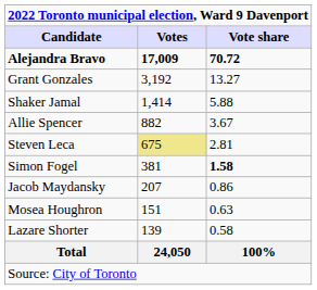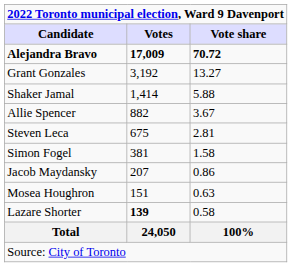 <table class="wikitable">
 <tr>
 <td colspan="3" align="center"><strong><a href='#'>2022 Toronto municipal election</a>, Ward 9 Davenport</strong></td>
 </tr>
 <tr>
 <th scope="col" style="background:#ddf; width:150px;">Candidate</th>
 <th scope="col" style="background:#ddf;">Votes</th>
 <th scope="col" style="background:#ddf;">Vote share</th>
 </tr>
 <tr>
 <td><strong>Alejandra Bravo</strong></td>
 <td><strong>17,009</strong></td>
 <td><strong>70.72</strong></td>
 </tr>
 <tr>
 <td>Grant Gonzales</td>
 <td>3,192</td>
 <td>13.27</td>
 </tr>
 <tr>
 <td>Shaker Jamal</td>
 <td>1,414</td>
 <td>5.88</td>
 </tr>
 <tr>
 <td>Allie Spencer</td>
 <td>882</td>
 <td>3.67</td>
 </tr>
 <tr>
 <td>Steven Leca</td>
-<td style="background: khaki;">675</td>
+<td>675</td>
 <td>2.81</td>
 </tr>
 <tr>
 <td>Simon Fogel</td>
 <td>381</td>
-<td><strong>1.58</strong></td>
+<td>1.58</td>
 </tr>
 <tr>
 <td>Jacob Maydansky</td>
 <td>207</td>
 <td>0.86</td>
 </tr>
 <tr>
 <td>Mosea Houghron</td>
 <td>151</td>
 <td>0.63</td>
 </tr>
 <tr>
 <td>Lazare Shorter</td>
-<td>139</td>
+<td><strong>139</strong></td>
 <td>0.58</td>
 </tr>
 <tr>
 <th>Total</th>
 <th>24,050</th>
 <th>100%</th>
 </tr>
 <tr>
 <td colspan="3">Source: <a href='#'>City of Toronto</a></td>
 </tr>
 </table>
